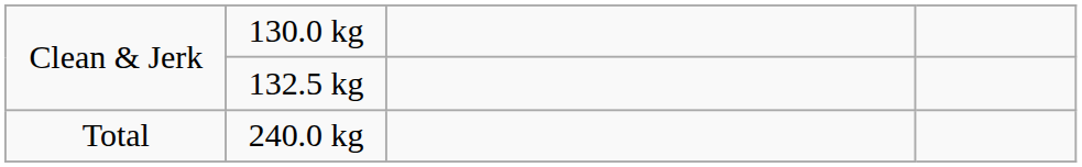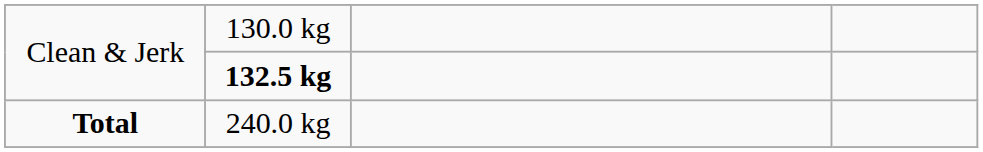 <table class = "wikitable" style="text-align:center;">
 <tr>
 <td rowspan=2 width=100>Clean & Jerk</td>
 <td width=70>130.0 kg</td>
 <td width=250 align=left></td>
 <td width=70></td>
 </tr>
 <tr>
-<td>132.5 kg</td>
+<td><strong>132.5 kg</strong></td>
 <td align=left></td>
 <td></td>
 </tr>
 <tr>
-<td>Total</td>
+<td><strong>Total</strong></td>
 <td>240.0 kg</td>
 <td align=left></td>
 <td></td>
 </tr>
 </table>
